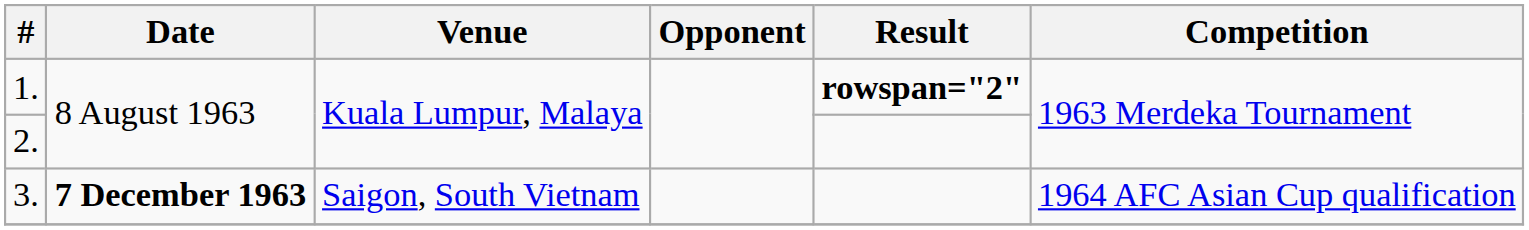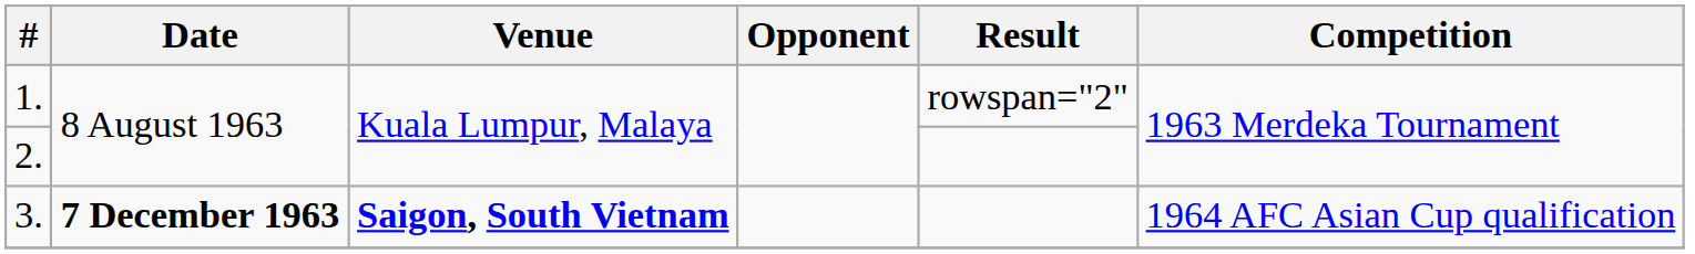 <table class="wikitable sortable">
 <tr>
 <th>#</th>
 <th>Date</th>
 <th>Venue</th>
 <th>Opponent</th>
 <th>Result</th>
 <th>Competition</th>
 </tr>
 <tr>
 <td>1.</td>
 <td rowspan="2">8 August 1963</td>
 <td rowspan="2"><a href='#'>Kuala Lumpur</a>, <a href='#'>Malaya</a></td>
 <td rowspan="2"></td>
-<td><strong>rowspan="2" </strong></td>
+<td>rowspan="2" </td>
 <td rowspan="2"><a href='#'>1963 Merdeka Tournament</a></td>
 </tr>
 <tr>
 <td>2.</td>
 </tr>
 <tr>
 <td>3.</td>
 <td><strong>7 December 1963</strong></td>
-<td><a href='#'>Saigon</a>, <a href='#'>South Vietnam</a></td>
+<td><strong><a href='#'>Saigon</a>, <a href='#'>South Vietnam</a></strong></td>
 <td></td>
 <td></td>
 <td><a href='#'>1964 AFC Asian Cup qualification</a></td>
 </tr>
 <tr>
 </tr>
 </table>
